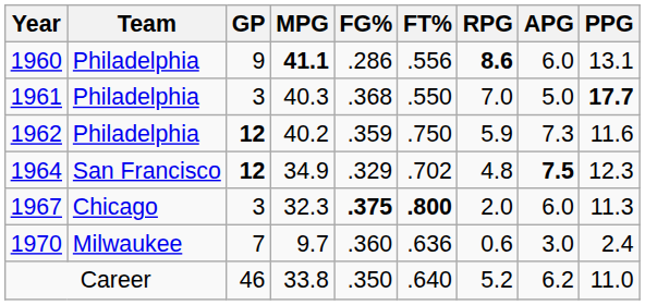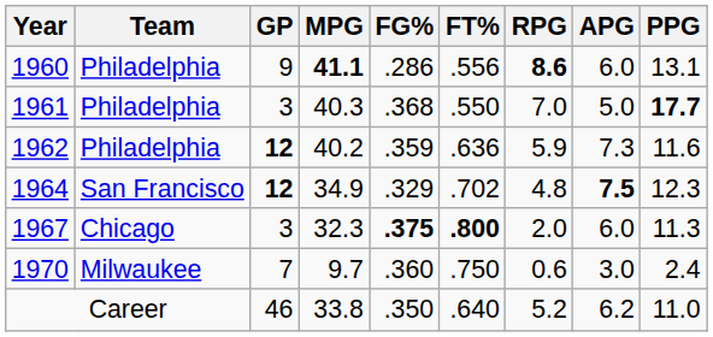 <table class="wikitable sortable" style="font-size:95%; text-align:right;">
 <tr>
 <th>Year</th>
 <th>Team</th>
 <th>GP</th>
 <th>MPG</th>
 <th>FG%</th>
 <th>FT%</th>
 <th>RPG</th>
 <th>APG</th>
 <th>PPG</th>
 </tr>
 <tr>
 <td style="text-align:left;"><a href='#'>1960</a></td>
 <td style="text-align:left;"><a href='#'>Philadelphia</a></td>
 <td>9</td>
 <td><strong>41.1</strong></td>
 <td>.286</td>
 <td>.556</td>
 <td><strong>8.6</strong></td>
 <td>6.0</td>
 <td>13.1</td>
 </tr>
 <tr>
 <td style="text-align:left;"><a href='#'>1961</a></td>
 <td style="text-align:left;"><a href='#'>Philadelphia</a></td>
 <td>3</td>
 <td>40.3</td>
 <td>.368</td>
 <td>.550</td>
 <td>7.0</td>
 <td>5.0</td>
 <td><strong>17.7</strong></td>
 </tr>
 <tr>
 <td style="text-align:left;"><a href='#'>1962</a></td>
 <td style="text-align:left;"><a href='#'>Philadelphia</a></td>
 <td><strong>12</strong></td>
 <td>40.2</td>
 <td>.359</td>
-<td>.750</td>
+<td>.636</td>
 <td>5.9</td>
 <td>7.3</td>
 <td>11.6</td>
 </tr>
 <tr>
 <td style="text-align:left;"><a href='#'>1964</a></td>
 <td style="text-align:left;"><a href='#'>San Francisco</a></td>
 <td><strong>12</strong></td>
 <td>34.9</td>
 <td>.329</td>
 <td>.702</td>
 <td>4.8</td>
 <td><strong>7.5</strong></td>
 <td>12.3</td>
 </tr>
 <tr>
 <td style="text-align:left;"><a href='#'>1967</a></td>
 <td style="text-align:left;"><a href='#'>Chicago</a></td>
 <td>3</td>
 <td>32.3</td>
 <td><strong>.375</strong></td>
 <td><strong>.800</strong></td>
 <td>2.0</td>
 <td>6.0</td>
 <td>11.3</td>
 </tr>
 <tr>
 <td style="text-align:left;"><a href='#'>1970</a></td>
 <td style="text-align:left;"><a href='#'>Milwaukee</a></td>
 <td>7</td>
 <td>9.7</td>
 <td>.360</td>
-<td>.636</td>
+<td>.750</td>
 <td>0.6</td>
 <td>3.0</td>
 <td>2.4</td>
 </tr>
 <tr class="sortbottom">
 <td style="text-align:center;" colspan="2">Career</td>
 <td>46</td>
 <td>33.8</td>
 <td>.350</td>
 <td>.640</td>
 <td>5.2</td>
 <td>6.2</td>
 <td>11.0</td>
 </tr>
 </table>
